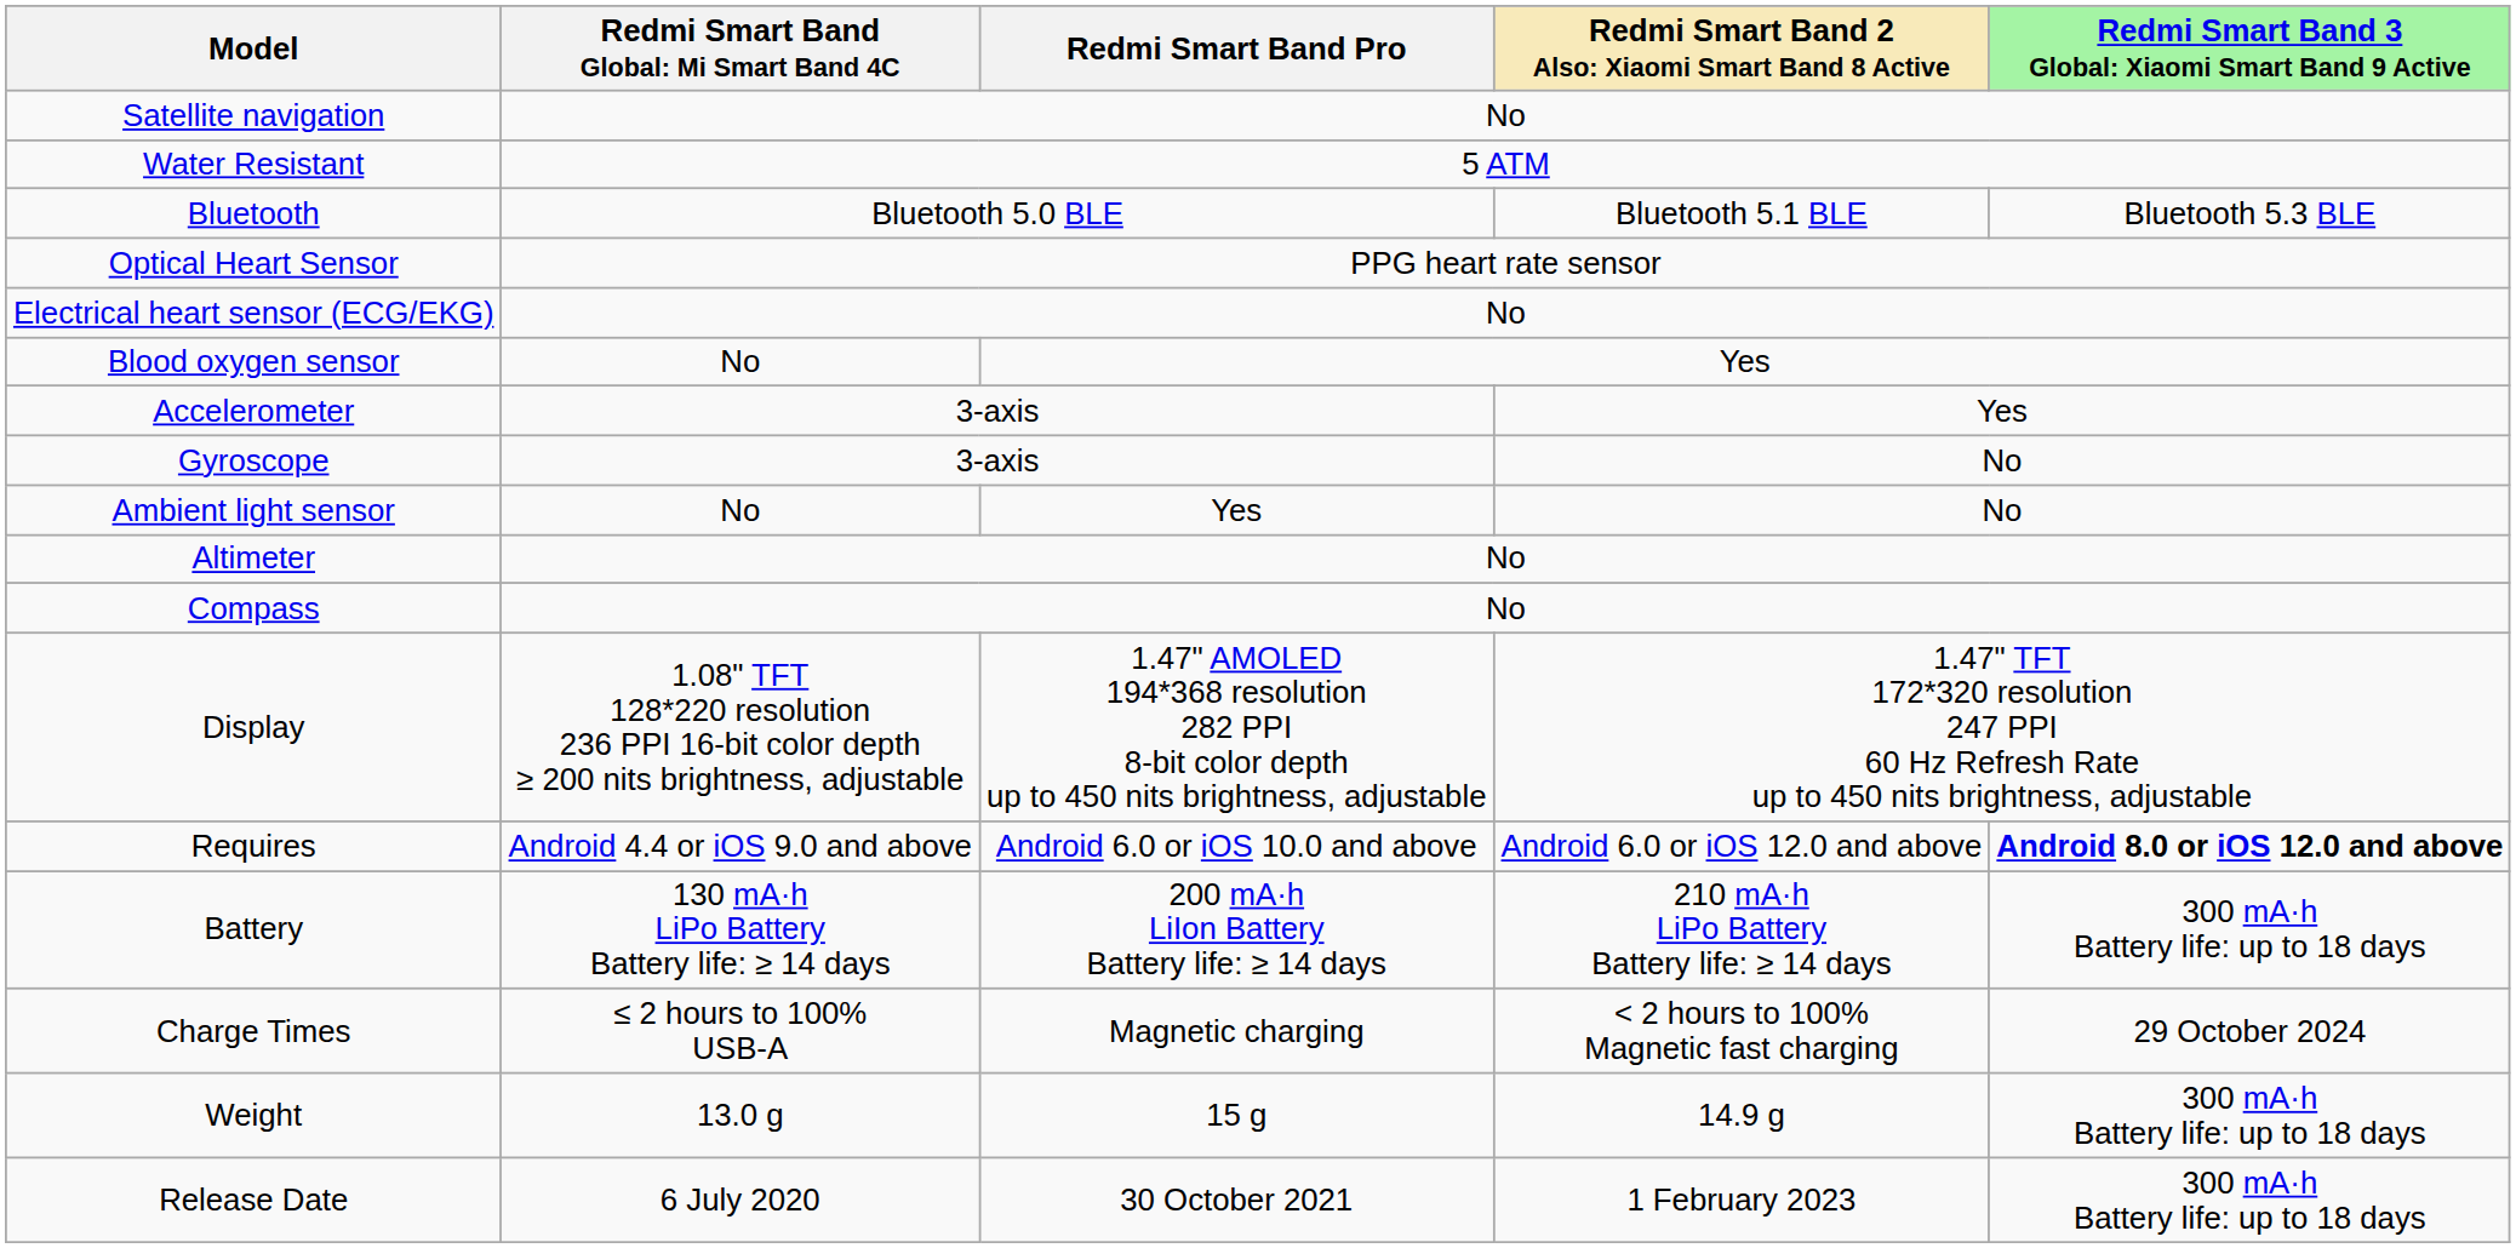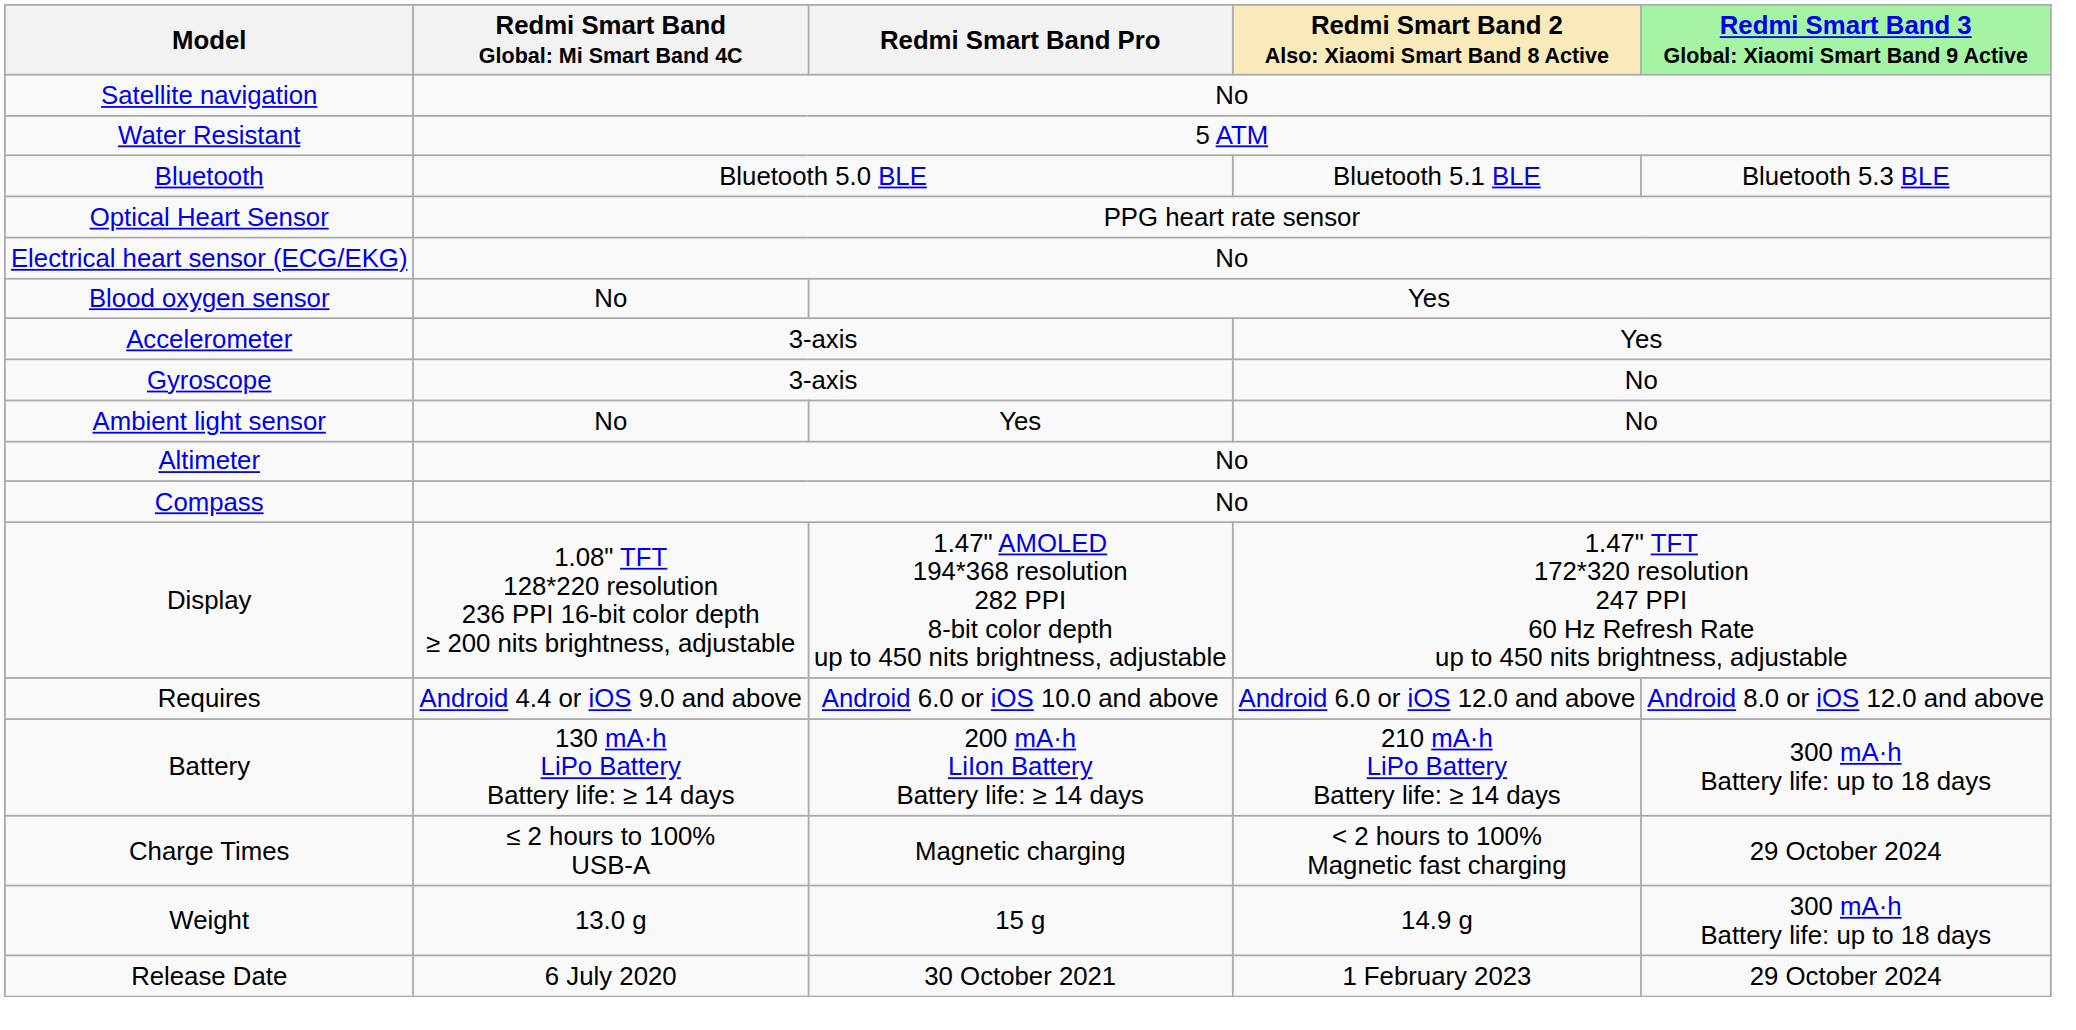 <table class="wikitable" style="text-align:center; font-size:90%">
 <tr>
 <th>Model</th>
 <th>Redmi Smart Band<br><small>Global: Mi Smart Band 4C</small></th>
 <th>Redmi Smart Band Pro</th>
 <th style="background:#f8eaba;">Redmi Smart Band 2<br><small>Also: Xiaomi Smart Band 8 Active</small></th>
 <th style="background:#a4f4a4;"><a href='#'>Redmi Smart Band 3</a><br><small>Global: Xiaomi Smart Band 9 Active</small></th>
 </tr>
 <tr>
 <td><a href='#'>Satellite navigation</a></td>
 <td colspan="4">No</td>
 </tr>
 <tr>
 <td><a href='#'>Water Resistant</a></td>
 <td colspan="4">5 <a href='#'>ATM</a></td>
 </tr>
 <tr>
 <td><a href='#'>Bluetooth</a></td>
 <td colspan="2">Bluetooth 5.0 <a href='#'>BLE</a></td>
 <td>Bluetooth 5.1 <a href='#'>BLE</a></td>
 <td>Bluetooth 5.3 <a href='#'>BLE</a></td>
 </tr>
 <tr>
 <td><a href='#'>Optical Heart Sensor</a></td>
 <td colspan="4">PPG heart rate sensor</td>
 </tr>
 <tr>
 <td><a href='#'>Electrical heart sensor (ECG/EKG)</a></td>
 <td colspan="4">No</td>
 </tr>
 <tr>
 <td><a href='#'>Blood oxygen sensor</a></td>
 <td>No</td>
 <td colspan="3">Yes</td>
 </tr>
 <tr>
 <td><a href='#'>Accelerometer</a></td>
 <td colspan="2">3-axis</td>
 <td colspan="2">Yes</td>
 </tr>
 <tr>
 <td><a href='#'>Gyroscope</a></td>
 <td colspan="2">3-axis</td>
 <td colspan="2">No</td>
 </tr>
 <tr>
 <td><a href='#'>Ambient light sensor</a></td>
 <td>No</td>
 <td>Yes</td>
 <td colspan="2">No</td>
 </tr>
 <tr>
 <td><a href='#'>Altimeter</a></td>
 <td colspan="4">No</td>
 </tr>
 <tr>
 <td><a href='#'>Compass</a></td>
 <td colspan="4">No</td>
 </tr>
 <tr>
 <td>Display</td>
 <td>1.08" <a href='#'>TFT</a><br>128*220 resolution<br>236 PPI 16-bit color depth<br>≥ 200 nits brightness, adjustable</td>
 <td>1.47" <a href='#'>AMOLED</a><br>194*368 resolution<br>282 PPI<br>8-bit color depth<br>up to 450 nits brightness, adjustable</td>
 <td colspan="2">1.47" <a href='#'>TFT</a><br>172*320 resolution<br>247 PPI<br>60 Hz Refresh Rate<br>up to 450 nits brightness, adjustable</td>
 </tr>
 <tr>
 <td>Requires</td>
 <td><a href='#'>Android</a> 4.4 or <a href='#'>iOS</a> 9.0 and above</td>
 <td><a href='#'>Android</a> 6.0 or <a href='#'>iOS</a> 10.0 and above</td>
 <td><a href='#'>Android</a> 6.0 or <a href='#'>iOS</a> 12.0 and above</td>
-<td><strong><a href='#'>Android</a> 8.0 or <a href='#'>iOS</a> 12.0 and above</strong></td>
+<td><a href='#'>Android</a> 8.0 or <a href='#'>iOS</a> 12.0 and above</td>
 </tr>
 <tr>
 <td>Battery</td>
 <td>130 <a href='#'>mA·h</a><br><a href='#'>LiPo Battery</a><br>Battery life: ≥ 14 days</td>
 <td>200 <a href='#'>mA·h</a><br><a href='#'>LiIon Battery</a><br>Battery life: ≥ 14 days</td>
 <td>210 <a href='#'>mA·h</a><br><a href='#'>LiPo Battery</a><br>Battery life: ≥ 14 days</td>
 <td>300 <a href='#'>mA·h</a><br>Battery life: up to 18 days</td>
 </tr>
 <tr>
 <td>Charge Times</td>
 <td>≤ 2 hours to 100%<br>USB-A</td>
 <td>Magnetic charging</td>
 <td>< 2 hours to 100%<br>Magnetic fast charging</td>
 <td>29 October 2024</td>
 </tr>
 <tr>
 <td>Weight</td>
 <td>13.0 g</td>
 <td>15 g</td>
 <td>14.9 g</td>
 <td>300 <a href='#'>mA·h</a><br>Battery life: up to 18 days</td>
 </tr>
 <tr>
 <td>Release Date</td>
 <td>6 July 2020</td>
 <td>30 October 2021</td>
 <td>1 February 2023</td>
-<td>300 <a href='#'>mA·h</a><br>Battery life: up to 18 days</td>
+<td>29 October 2024</td>
 </tr>
 </table>
